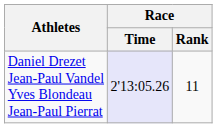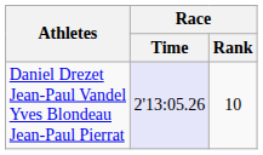 <table class="wikitable" border="1" style="font-size:90%">
 <tr>
 <th rowspan=2>Athletes</th>
 <th colspan=2>Race</th>
 </tr>
 <tr>
 <th>Time</th>
 <th>Rank</th>
 </tr>
 <tr>
 <td><a href='#'>Daniel Drezet</a><br><a href='#'>Jean-Paul Vandel</a><br><a href='#'>Yves Blondeau</a><br><a href='#'>Jean-Paul Pierrat</a></td>
 <td align=center style="background: lavender;">2'13:05.26</td>
-<td align=center>11</td>
+<td align=center>10</td>
 </tr>
 </table>
